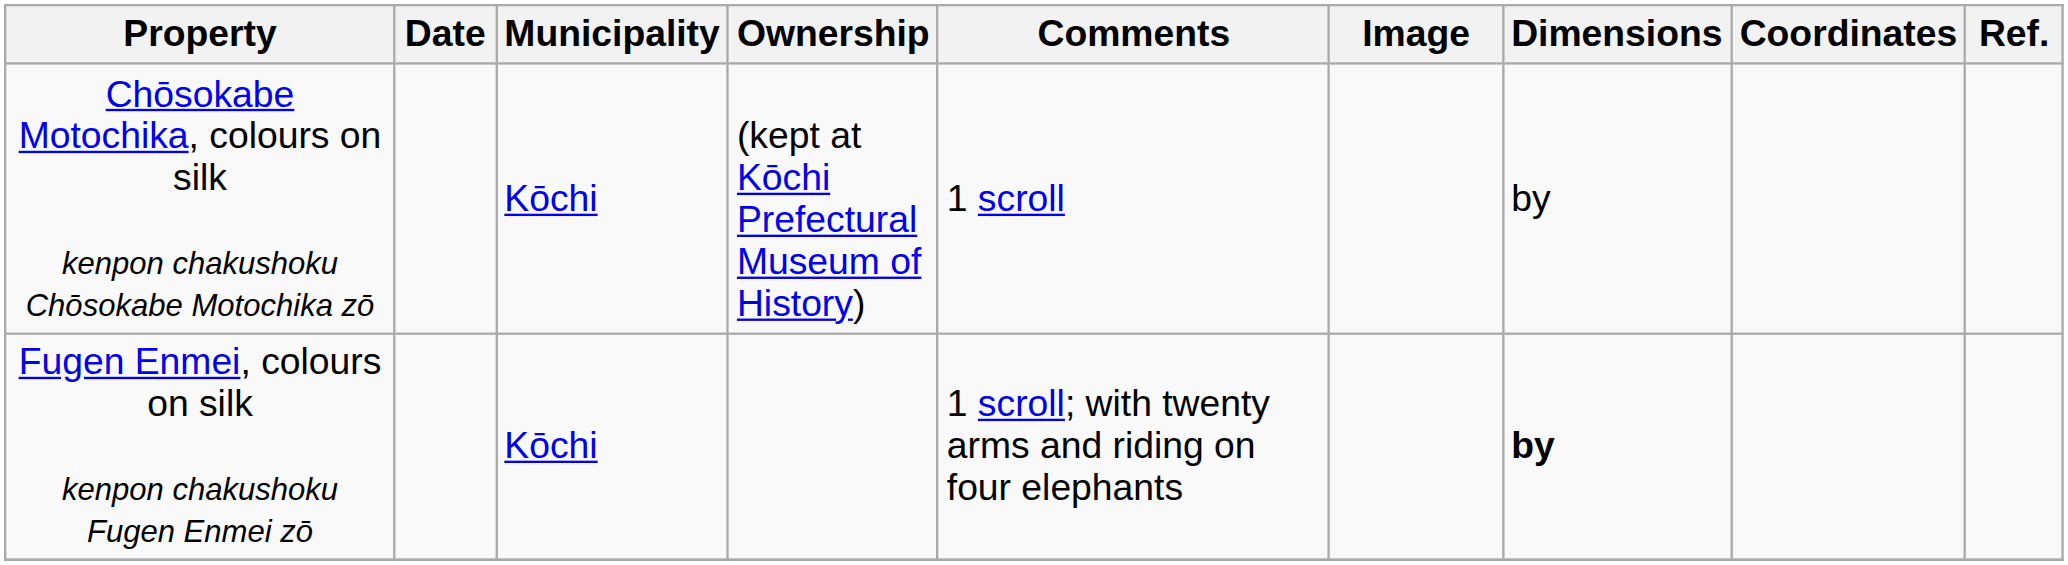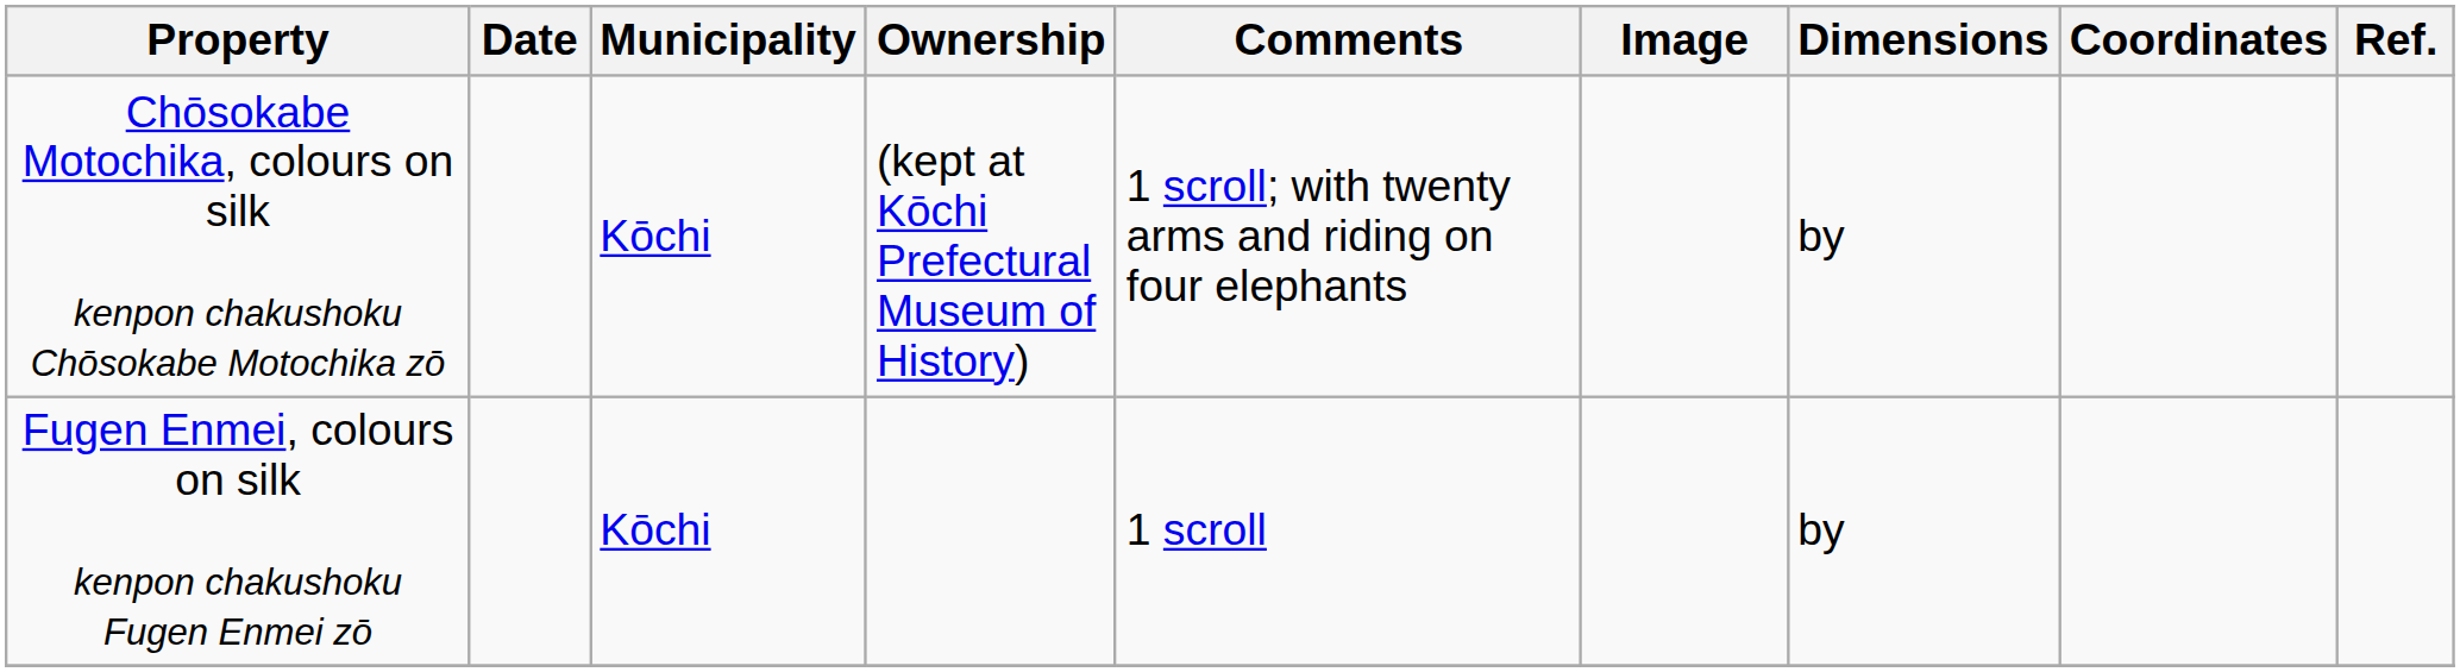 <table class="wikitable sortable"  style="width:100%;">
 <tr>
 <th width="25%" align="left">Property</th>
 <th width="5%" align="left">Date</th>
 <th width="10%" align="left">Municipality</th>
 <th width="10%" align="left">Ownership</th>
 <th width="25%" align="left" class="unsortable">Comments</th>
 <th width="10%" align="left" class="unsortable">Image</th>
 <th width="5%" align="left" class="unsortable">Dimensions</th>
 <th width="5%" align="left" class="unsortable">Coordinates</th>
 <th width="5%" align="left" class="unsortable">Ref.</th>
 </tr>
 <tr>
 <td align="center"><a href='#'>Chōsokabe Motochika</a>, colours on silk<br><br><small><em>kenpon chakushoku Chōsokabe Motochika zō</em></small></td>
 <td></td>
 <td><a href='#'>Kōchi</a></td>
 <td><br>(kept at <a href='#'>Kōchi Prefectural Museum of History</a>)</td>
-<td>1 <a href='#'>scroll</a></td>
+<td>1 <a href='#'>scroll</a>; with twenty arms and riding on four elephants</td>
 <td></td>
 <td> by </td>
 <td></td>
 <td></td>
 </tr>
 <tr>
 <td align="center"><a href='#'>Fugen Enmei</a>, colours on silk<br><br><small><em>kenpon chakushoku Fugen Enmei zō</em></small></td>
 <td></td>
 <td><a href='#'>Kōchi</a></td>
 <td></td>
-<td>1 <a href='#'>scroll</a>; with twenty arms and riding on four elephants</td>
+<td>1 <a href='#'>scroll</a></td>
 <td></td>
-<td><strong> by </strong></td>
+<td> by </td>
 <td></td>
 <td></td>
 </tr>
 <tr>
 </tr>
 </table>
